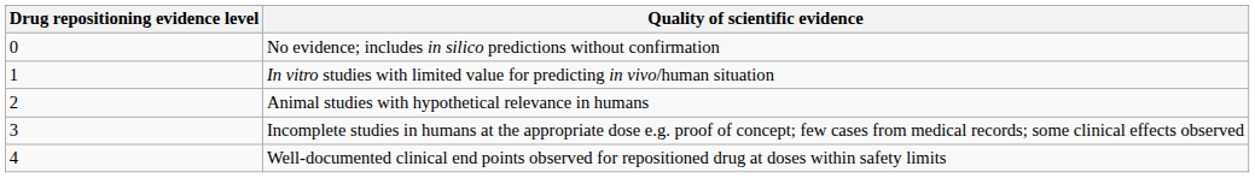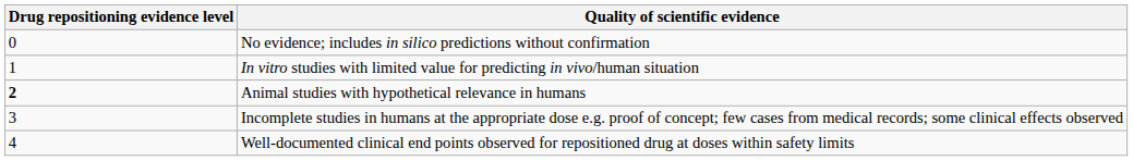 <table class="wikitable">
 <tr>
 <th>Drug repositioning evidence level</th>
 <th>Quality of scientific evidence</th>
 </tr>
 <tr>
 <td>0</td>
 <td>No evidence; includes <em>in silico</em> predictions without confirmation</td>
 </tr>
 <tr>
 <td>1</td>
 <td><em>In vitro</em> studies with limited value for predicting <em>in vivo</em>/human situation</td>
 </tr>
 <tr>
-<td>2</td>
+<td><strong>2</strong></td>
 <td>Animal studies with hypothetical relevance in humans</td>
 </tr>
 <tr>
 <td>3</td>
 <td>Incomplete studies in humans at the appropriate dose e.g. proof of concept; few cases from medical records; some clinical effects observed</td>
 </tr>
 <tr>
 <td>4</td>
 <td>Well-documented clinical end points observed for repositioned drug at doses within safety limits</td>
 </tr>
 </table>
